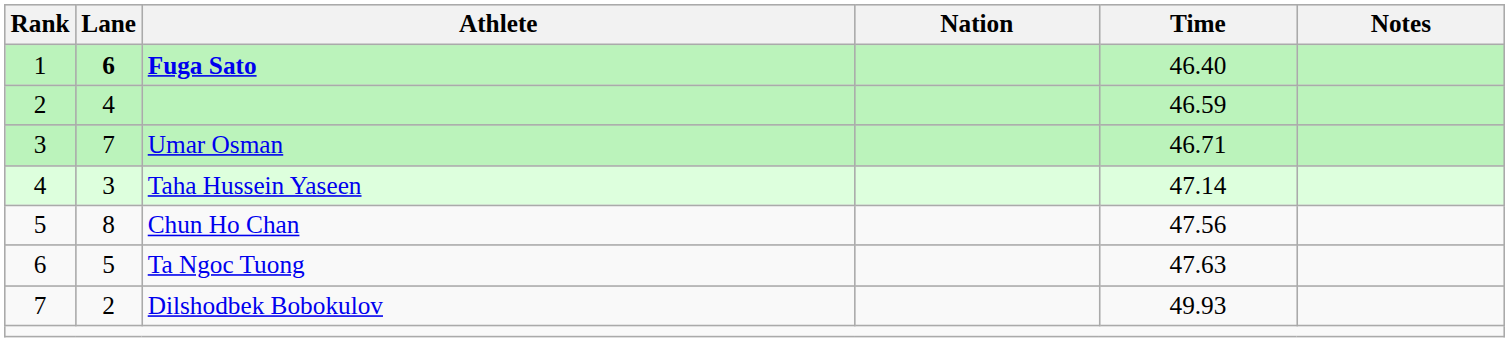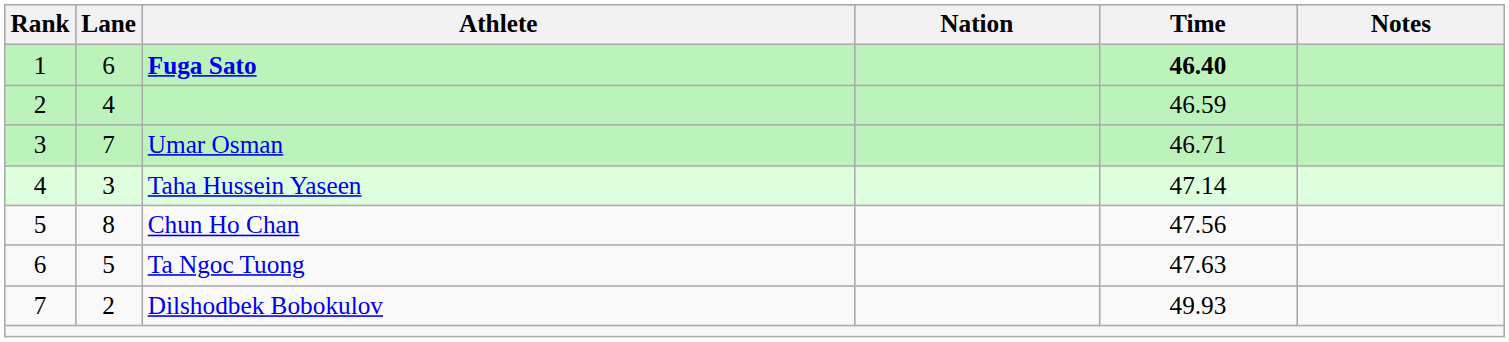 <table class="wikitable sortable" style="text-align:center;width: 60%;">
 <tr>
 <th scope="col" style="width: 10px;">Rank</th>
 <th scope="col" style="width: 10px;">Lane</th>
 <th scope="col">Athlete</th>
 <th scope="col">Nation</th>
 <th scope="col">Time</th>
 <th scope="col">Notes</th>
 </tr>
 <tr bgcolor=bbf3bb>
 <td>1</td>
-<td><strong>6</strong></td>
+<td>6</td>
 <td align="left"><strong><a href='#'>Fuga Sato</a></strong></td>
 <td align="left"></td>
-<td>46.40</td>
+<td><strong>46.40</strong></td>
 <td></td>
 </tr>
 <tr bgcolor=bbf3bb>
 <td>2</td>
 <td>4</td>
 <td align="left"></td>
 <td align="left"></td>
 <td>46.59</td>
 <td></td>
 </tr>
 <tr bgcolor=bbf3bb>
 <td>3</td>
 <td>7</td>
 <td align="left"><a href='#'>Umar Osman</a></td>
 <td align="left"></td>
 <td>46.71</td>
 <td></td>
 </tr>
 <tr bgcolor=ddffdd>
 <td>4</td>
 <td>3</td>
 <td align="left"><a href='#'>Taha Hussein Yaseen</a></td>
 <td align="left"></td>
 <td>47.14</td>
 <td></td>
 </tr>
 <tr>
 <td>5</td>
 <td>8</td>
 <td align="left"><a href='#'>Chun Ho Chan</a></td>
 <td align="left"></td>
 <td>47.56</td>
 <td></td>
 </tr>
 <tr>
 <td>6</td>
 <td>5</td>
 <td align="left"><a href='#'>Ta Ngoc Tuong</a></td>
 <td align="left"></td>
 <td>47.63</td>
 <td></td>
 </tr>
 <tr>
 <td>7</td>
 <td>2</td>
 <td align="left"><a href='#'>Dilshodbek Bobokulov</a></td>
 <td align="left"></td>
 <td>49.93</td>
 <td></td>
 </tr>
 <tr class="sortbottom">
 <td colspan="6"></td>
 </tr>
 </table>
